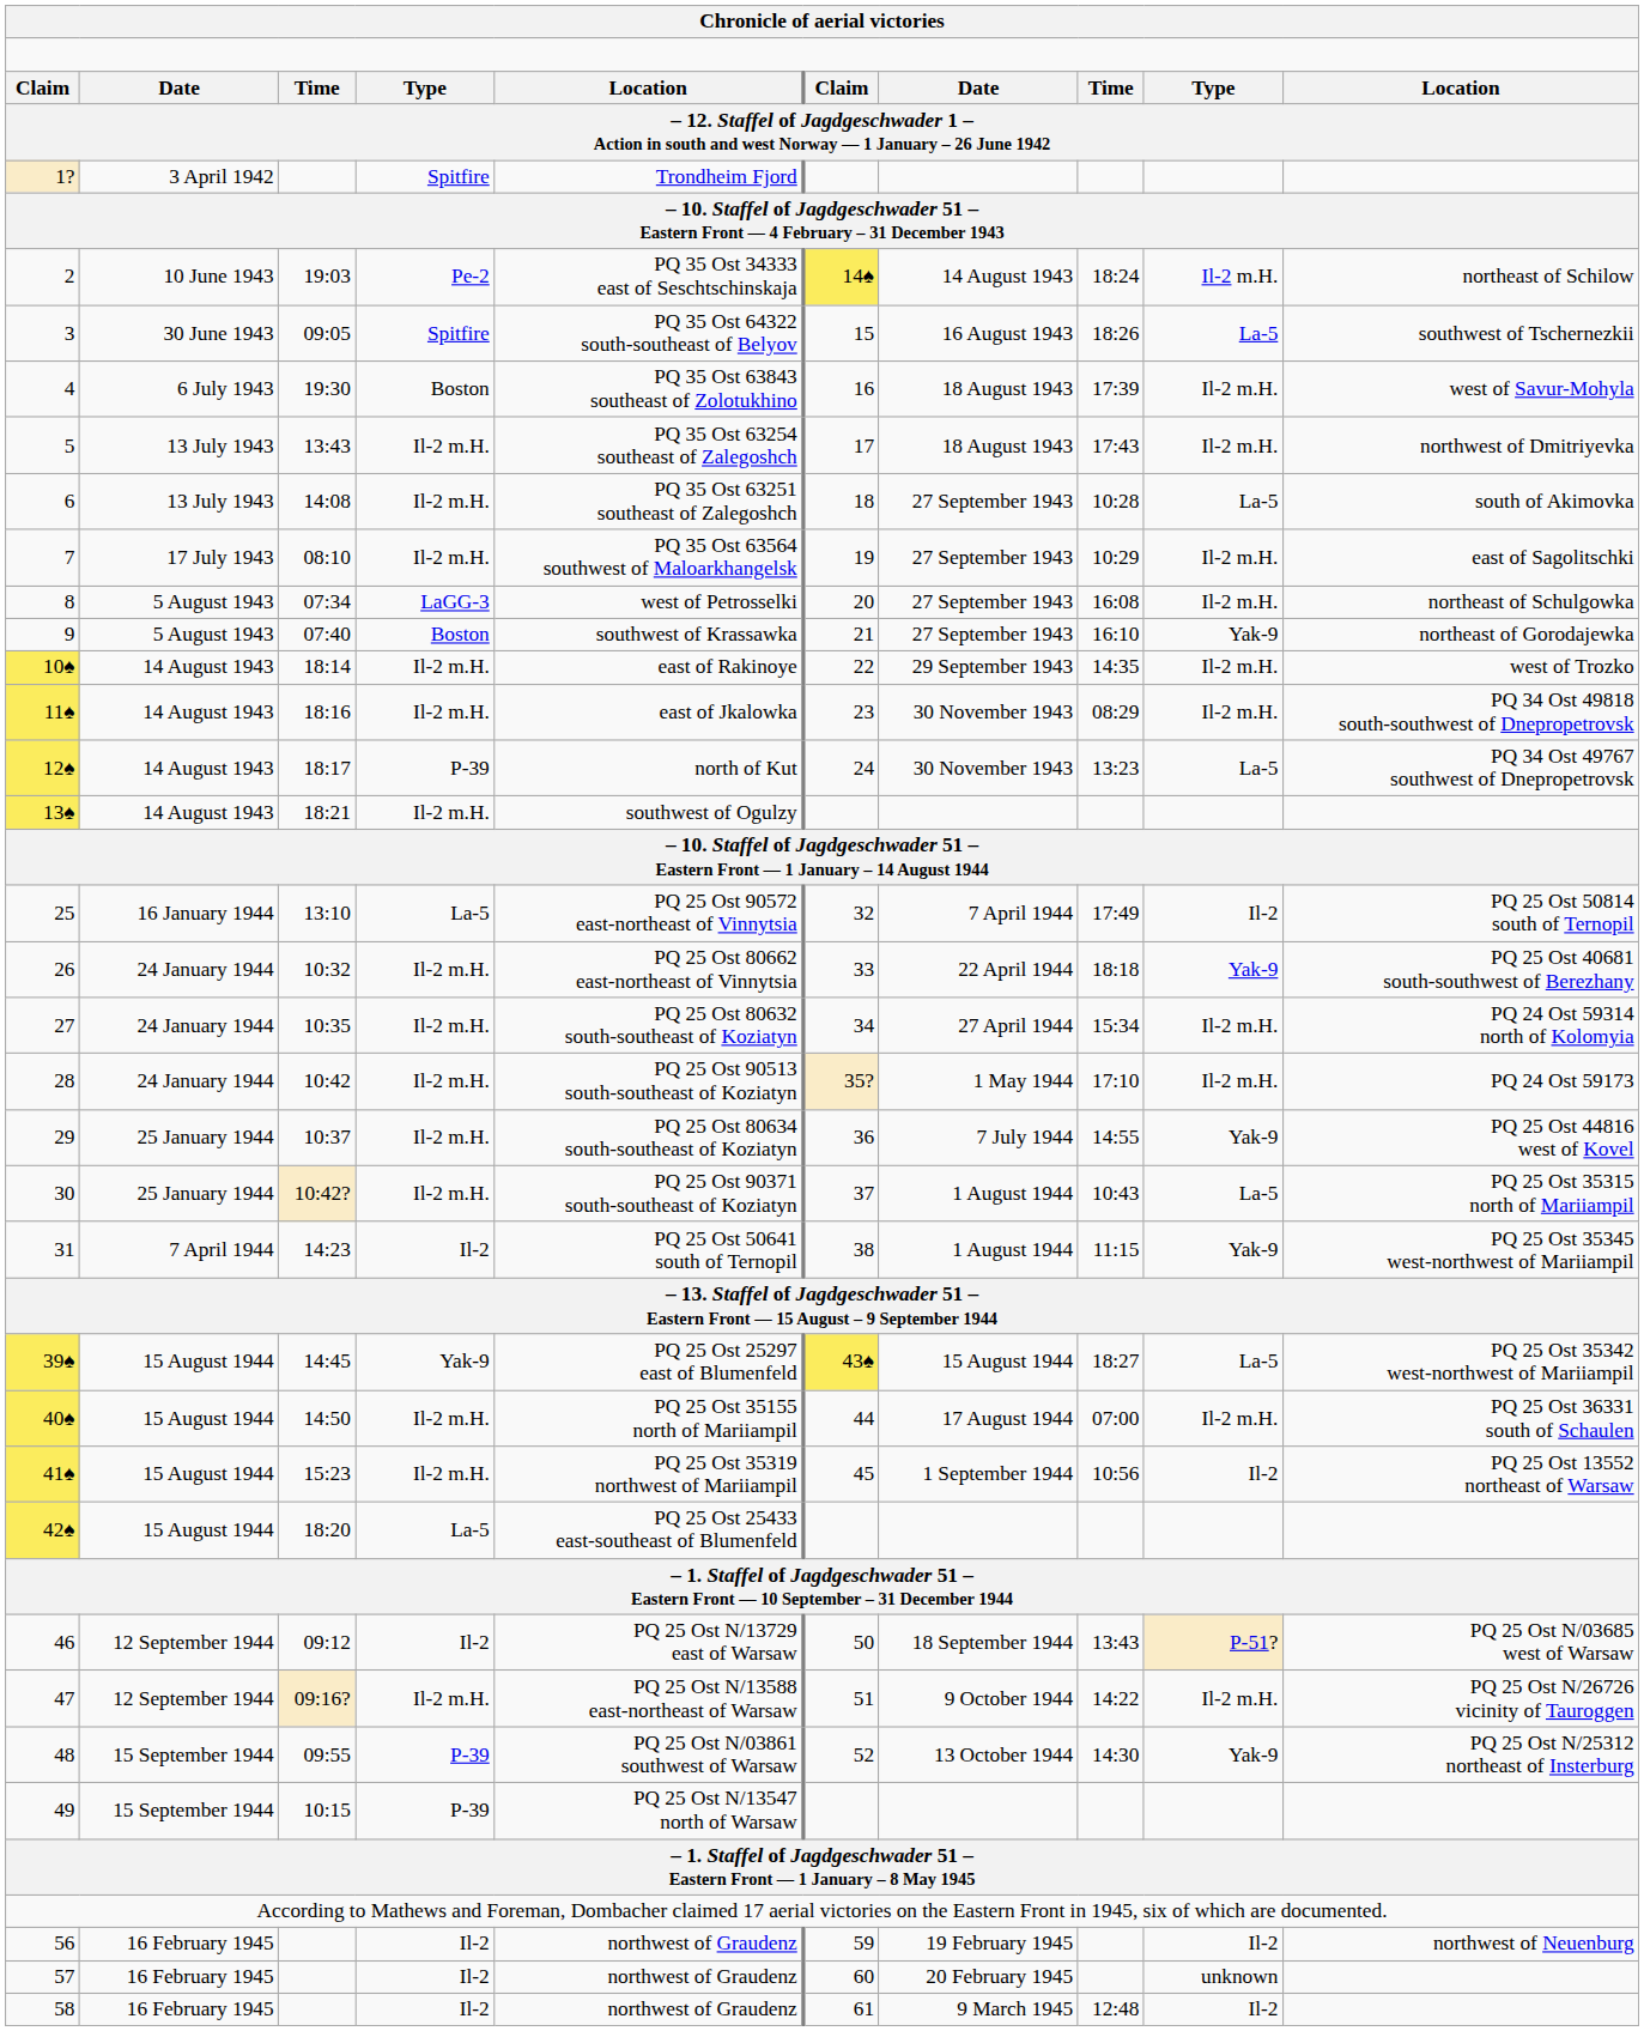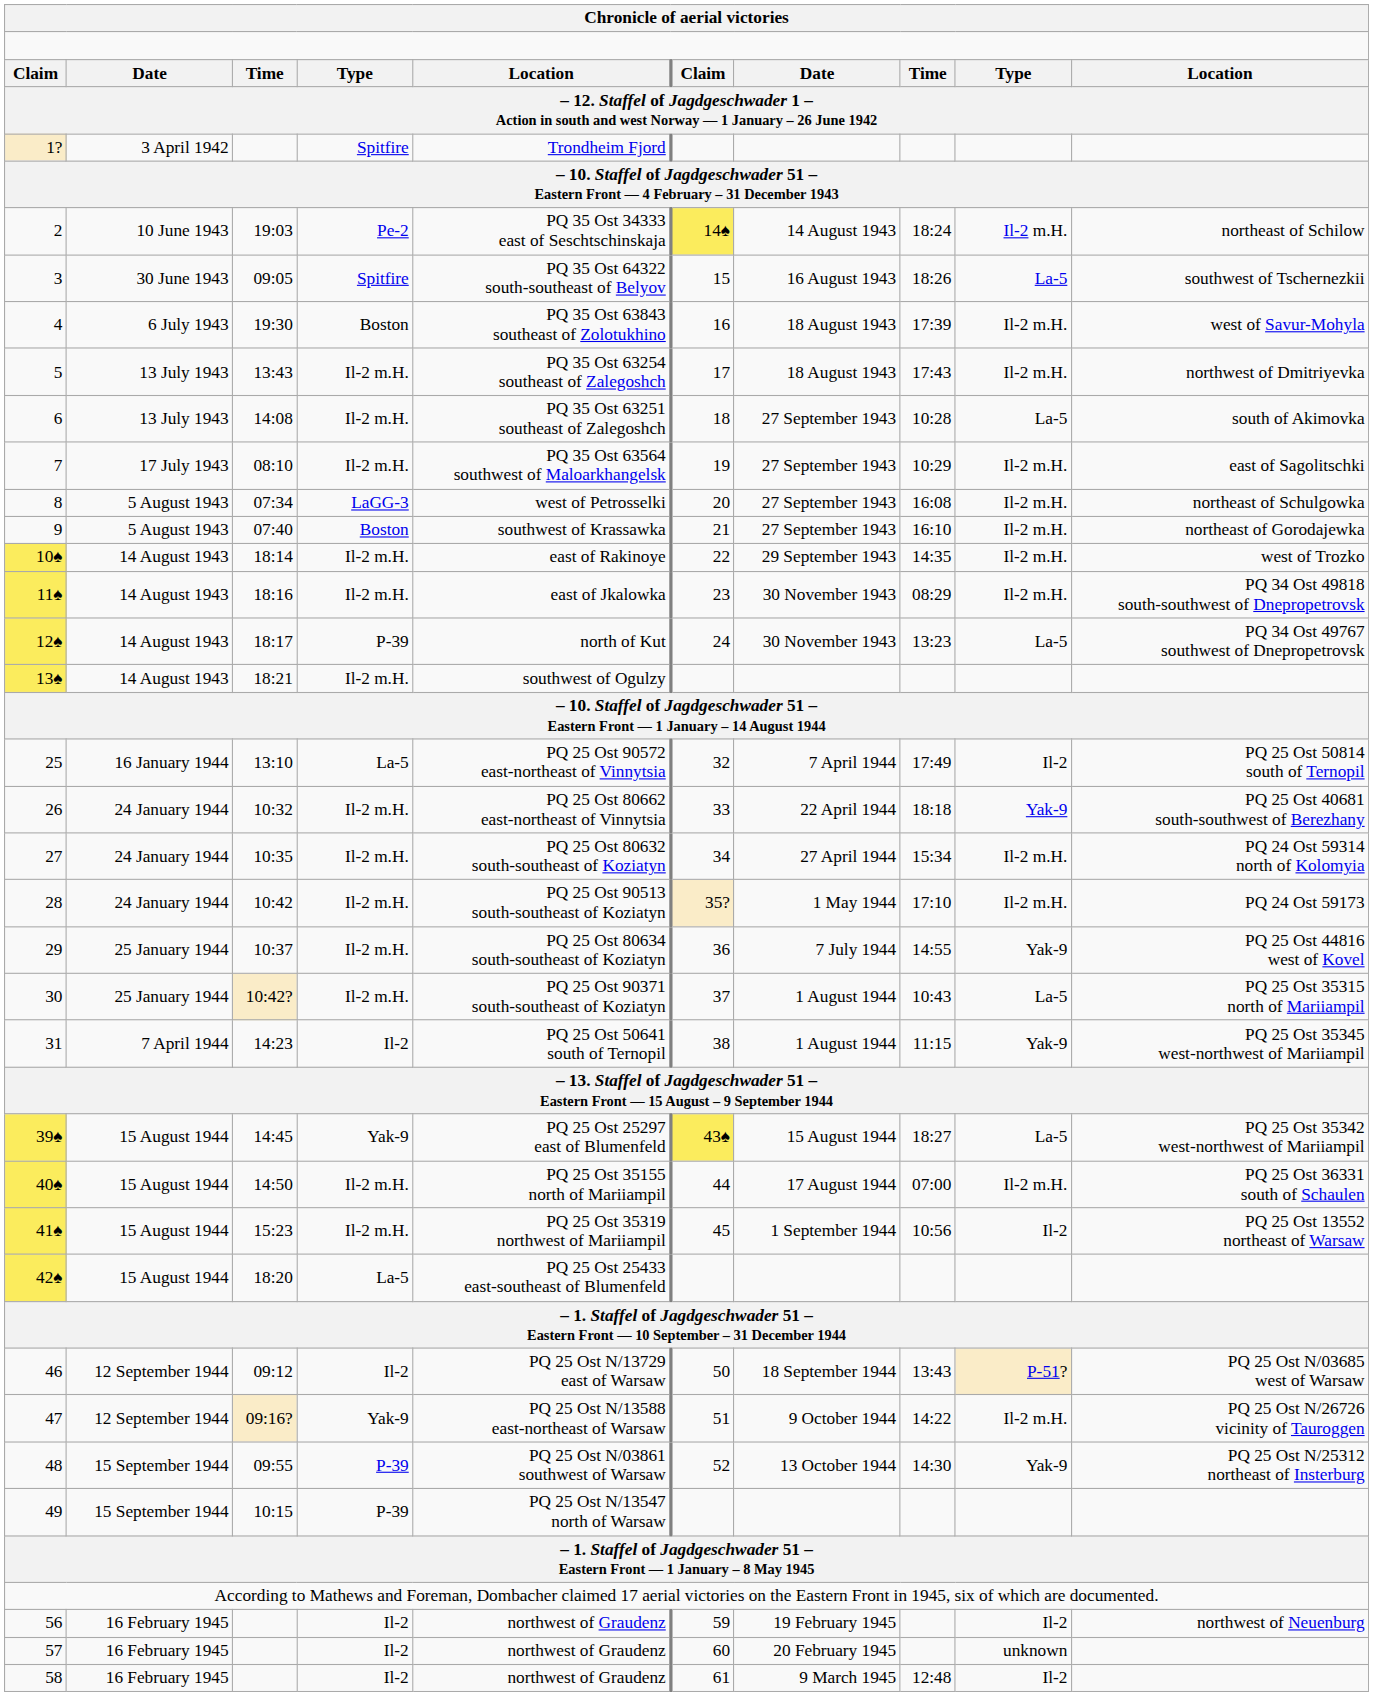 <table class="wikitable plainrowheaders collapsible" style="margin-left: auto; margin-right: auto; border: none; text-align:right; width: 100%;">
 <tr>
 <th colspan="10">Chronicle of aerial victories</th>
 </tr>
 <tr>
 <td colspan="10" style="text-align: left;"><br> </td>
 </tr>
 <tr>
 <th scope="col">Claim</th>
 <th scope="col">Date</th>
 <th scope="col">Time</th>
 <th scope="col" width="100px">Type</th>
 <th scope="col">Location</th>
 <th scope="col" style="border-left: 3px solid grey;">Claim</th>
 <th scope="col">Date</th>
 <th scope="col">Time</th>
 <th scope="col" width="100px">Type</th>
 <th scope="col">Location</th>
 </tr>
 <tr>
 <th colspan="10">– 12. <em>Staffel</em> of <em>Jagdgeschwader</em> 1 –<br><small>Action in south and west Norway — 1 January – 26 June 1942</small></th>
 </tr>
 <tr>
 <td style="background:#faecc8">1?</td>
 <td>3 April 1942</td>
 <td></td>
 <td><a href='#'>Spitfire</a></td>
 <td><a href='#'>Trondheim Fjord</a></td>
 <td style="border-left: 3px solid grey;"></td>
 <td></td>
 <td></td>
 <td></td>
 <td></td>
 </tr>
 <tr>
 <th colspan="10">– 10. <em>Staffel</em> of <em>Jagdgeschwader</em> 51 –<br><small>Eastern Front — 4 February – 31 December 1943</small></th>
 </tr>
 <tr>
 <td>2</td>
 <td>10 June 1943</td>
 <td>19:03</td>
 <td><a href='#'>Pe-2</a></td>
 <td>PQ 35 Ost 34333<br> east of Seschtschinskaja</td>
 <td style="border-left: 3px solid grey; background:#fbec5d;">14♠</td>
 <td>14 August 1943</td>
 <td>18:24</td>
 <td><a href='#'>Il-2</a> m.H.</td>
 <td>northeast of Schilow</td>
 </tr>
 <tr>
 <td>3</td>
 <td>30 June 1943</td>
 <td>09:05</td>
 <td><a href='#'>Spitfire</a></td>
 <td>PQ 35 Ost 64322<br> south-southeast of <a href='#'>Belyov</a></td>
 <td style="border-left: 3px solid grey;">15</td>
 <td>16 August 1943</td>
 <td>18:26</td>
 <td><a href='#'>La-5</a></td>
 <td>southwest of Tschernezkii</td>
 </tr>
 <tr>
 <td>4</td>
 <td>6 July 1943</td>
 <td>19:30</td>
 <td>Boston</td>
 <td>PQ 35 Ost 63843<br> southeast of <a href='#'>Zolotukhino</a></td>
 <td style="border-left: 3px solid grey;">16</td>
 <td>18 August 1943</td>
 <td>17:39</td>
 <td>Il-2 m.H.</td>
 <td>west of <a href='#'>Savur-Mohyla</a></td>
 </tr>
 <tr>
 <td>5</td>
 <td>13 July 1943</td>
 <td>13:43</td>
 <td>Il-2 m.H.</td>
 <td>PQ 35 Ost 63254<br> southeast of <a href='#'>Zalegoshch</a></td>
 <td style="border-left: 3px solid grey;">17</td>
 <td>18 August 1943</td>
 <td>17:43</td>
 <td>Il-2 m.H.</td>
 <td>northwest of Dmitriyevka</td>
 </tr>
 <tr>
 <td>6</td>
 <td>13 July 1943</td>
 <td>14:08</td>
 <td>Il-2 m.H.</td>
 <td>PQ 35 Ost 63251<br> southeast of Zalegoshch</td>
 <td style="border-left: 3px solid grey;">18</td>
 <td>27 September 1943</td>
 <td>10:28</td>
 <td>La-5</td>
 <td>south of Akimovka</td>
 </tr>
 <tr>
 <td>7</td>
 <td>17 July 1943</td>
 <td>08:10</td>
 <td>Il-2 m.H.</td>
 <td>PQ 35 Ost 63564<br> southwest of <a href='#'>Maloarkhangelsk</a></td>
 <td style="border-left: 3px solid grey;">19</td>
 <td>27 September 1943</td>
 <td>10:29</td>
 <td>Il-2 m.H.</td>
 <td>east of Sagolitschki</td>
 </tr>
 <tr>
 <td>8</td>
 <td>5 August 1943</td>
 <td>07:34</td>
 <td><a href='#'>LaGG-3</a></td>
 <td>west of Petrosselki</td>
 <td style="border-left: 3px solid grey;">20</td>
 <td>27 September 1943</td>
 <td>16:08</td>
 <td>Il-2 m.H.</td>
 <td>northeast of Schulgowka</td>
 </tr>
 <tr>
 <td>9</td>
 <td>5 August 1943</td>
 <td>07:40</td>
 <td><a href='#'>Boston</a></td>
 <td>southwest of Krassawka</td>
 <td style="border-left: 3px solid grey;">21</td>
 <td>27 September 1943</td>
 <td>16:10</td>
-<td>Yak-9</td>
+<td>Il-2 m.H.</td>
 <td>northeast of Gorodajewka</td>
 </tr>
 <tr>
 <td style="background:#fbec5d;">10♠</td>
 <td>14 August 1943</td>
 <td>18:14</td>
 <td>Il-2 m.H.</td>
 <td>east of Rakinoye</td>
 <td style="border-left: 3px solid grey;">22</td>
 <td>29 September 1943</td>
 <td>14:35</td>
 <td>Il-2 m.H.</td>
 <td>west of Trozko</td>
 </tr>
 <tr>
 <td style="background:#fbec5d;">11♠</td>
 <td>14 August 1943</td>
 <td>18:16</td>
 <td>Il-2 m.H.</td>
 <td>east of Jkalowka</td>
 <td style="border-left: 3px solid grey;">23</td>
 <td>30 November 1943</td>
 <td>08:29</td>
 <td>Il-2 m.H.</td>
 <td>PQ 34 Ost 49818<br> south-southwest of <a href='#'>Dnepropetrovsk</a></td>
 </tr>
 <tr>
 <td style="background:#fbec5d;">12♠</td>
 <td>14 August 1943</td>
 <td>18:17</td>
 <td>P-39</td>
 <td>north of Kut</td>
 <td style="border-left: 3px solid grey;">24</td>
 <td>30 November 1943</td>
 <td>13:23</td>
 <td>La-5</td>
 <td>PQ 34 Ost 49767<br> southwest of Dnepropetrovsk</td>
 </tr>
 <tr>
 <td style="background:#fbec5d;">13♠</td>
 <td>14 August 1943</td>
 <td>18:21</td>
 <td>Il-2 m.H.</td>
 <td>southwest of Ogulzy</td>
 <td style="border-left: 3px solid grey;"></td>
 <td></td>
 <td></td>
 <td></td>
 <td></td>
 </tr>
 <tr>
 <th colspan="10">– 10. <em>Staffel</em> of <em>Jagdgeschwader</em> 51 –<br><small>Eastern Front — 1 January – 14 August 1944</small></th>
 </tr>
 <tr>
 <td>25</td>
 <td>16 January 1944</td>
 <td>13:10</td>
 <td>La-5</td>
 <td>PQ 25 Ost 90572<br> east-northeast of <a href='#'>Vinnytsia</a></td>
 <td style="border-left: 3px solid grey;">32</td>
 <td>7 April 1944</td>
 <td>17:49</td>
 <td>Il-2</td>
 <td>PQ 25 Ost 50814<br> south of <a href='#'>Ternopil</a></td>
 </tr>
 <tr>
 <td>26</td>
 <td>24 January 1944</td>
 <td>10:32</td>
 <td>Il-2 m.H.</td>
 <td>PQ 25 Ost 80662<br> east-northeast of Vinnytsia</td>
 <td style="border-left: 3px solid grey;">33</td>
 <td>22 April 1944</td>
 <td>18:18</td>
 <td><a href='#'>Yak-9</a></td>
 <td>PQ 25 Ost 40681<br> south-southwest of <a href='#'>Berezhany</a></td>
 </tr>
 <tr>
 <td>27</td>
 <td>24 January 1944</td>
 <td>10:35</td>
 <td>Il-2 m.H.</td>
 <td>PQ 25 Ost 80632<br> south-southeast of <a href='#'>Koziatyn</a></td>
 <td style="border-left: 3px solid grey;">34</td>
 <td>27 April 1944</td>
 <td>15:34</td>
 <td>Il-2 m.H.</td>
 <td>PQ 24 Ost 59314<br> north of <a href='#'>Kolomyia</a></td>
 </tr>
 <tr>
 <td>28</td>
 <td>24 January 1944</td>
 <td>10:42</td>
 <td>Il-2 m.H.</td>
 <td>PQ 25 Ost 90513<br> south-southeast of Koziatyn</td>
 <td style="border-left: 3px solid grey; background:#faecc8">35?</td>
 <td>1 May 1944</td>
 <td>17:10</td>
 <td>Il-2 m.H.</td>
 <td>PQ 24 Ost 59173</td>
 </tr>
 <tr>
 <td>29</td>
 <td>25 January 1944</td>
 <td>10:37</td>
 <td>Il-2 m.H.</td>
 <td>PQ 25 Ost 80634<br> south-southeast of Koziatyn</td>
 <td style="border-left: 3px solid grey;">36</td>
 <td>7 July 1944</td>
 <td>14:55</td>
 <td>Yak-9</td>
 <td>PQ 25 Ost 44816<br> west of <a href='#'>Kovel</a></td>
 </tr>
 <tr>
 <td>30</td>
 <td>25 January 1944</td>
 <td style="background:#faecc8">10:42?</td>
 <td>Il-2 m.H.</td>
 <td>PQ 25 Ost 90371<br> south-southeast of Koziatyn</td>
 <td style="border-left: 3px solid grey;">37</td>
 <td>1 August 1944</td>
 <td>10:43</td>
 <td>La-5</td>
 <td>PQ 25 Ost 35315<br> north of <a href='#'>Mariiampil</a></td>
 </tr>
 <tr>
 <td>31</td>
 <td>7 April 1944</td>
 <td>14:23</td>
 <td>Il-2</td>
 <td>PQ 25 Ost 50641<br> south of Ternopil</td>
 <td style="border-left: 3px solid grey;">38</td>
 <td>1 August 1944</td>
 <td>11:15</td>
 <td>Yak-9</td>
 <td>PQ 25 Ost 35345<br> west-northwest of Mariiampil</td>
 </tr>
 <tr>
 <th colspan="10">– 13. <em>Staffel</em> of <em>Jagdgeschwader</em> 51 –<br><small>Eastern Front — 15 August – 9 September 1944</small></th>
 </tr>
 <tr>
 <td style="background:#fbec5d;">39♠</td>
 <td>15 August 1944</td>
 <td>14:45</td>
 <td>Yak-9</td>
 <td>PQ 25 Ost 25297<br> east of Blumenfeld</td>
 <td style="border-left: 3px solid grey; background:#fbec5d;">43♠</td>
 <td>15 August 1944</td>
 <td>18:27</td>
 <td>La-5</td>
 <td>PQ 25 Ost 35342<br> west-northwest of Mariiampil</td>
 </tr>
 <tr>
 <td style="background:#fbec5d;">40♠</td>
 <td>15 August 1944</td>
 <td>14:50</td>
 <td>Il-2 m.H.</td>
 <td>PQ 25 Ost 35155<br> north of Mariiampil</td>
 <td style="border-left: 3px solid grey;">44</td>
 <td>17 August 1944</td>
 <td>07:00</td>
 <td>Il-2 m.H.</td>
 <td>PQ 25 Ost 36331<br> south of <a href='#'>Schaulen</a></td>
 </tr>
 <tr>
 <td style="background:#fbec5d;">41♠</td>
 <td>15 August 1944</td>
 <td>15:23</td>
 <td>Il-2 m.H.</td>
 <td>PQ 25 Ost 35319<br> northwest of Mariiampil</td>
 <td style="border-left: 3px solid grey;">45</td>
 <td>1 September 1944</td>
 <td>10:56</td>
 <td>Il-2</td>
 <td>PQ 25 Ost 13552<br> northeast of <a href='#'>Warsaw</a></td>
 </tr>
 <tr>
 <td style="background:#fbec5d;">42♠</td>
 <td>15 August 1944</td>
 <td>18:20</td>
 <td>La-5</td>
 <td>PQ 25 Ost 25433<br> east-southeast of Blumenfeld</td>
 <td style="border-left: 3px solid grey;"></td>
 <td></td>
 <td></td>
 <td></td>
 <td></td>
 </tr>
 <tr>
 <th colspan="10">– 1. <em>Staffel</em> of <em>Jagdgeschwader</em> 51 –<br><small>Eastern Front — 10 September – 31 December 1944</small></th>
 </tr>
 <tr>
 <td>46</td>
 <td>12 September 1944</td>
 <td>09:12</td>
 <td>Il-2</td>
 <td>PQ 25 Ost N/13729<br> east of Warsaw</td>
 <td style="border-left: 3px solid grey;">50</td>
 <td>18 September 1944</td>
 <td>13:43</td>
 <td style="background:#faecc8"><a href='#'>P-51</a>?</td>
 <td>PQ 25 Ost N/03685<br> west of Warsaw</td>
 </tr>
 <tr>
 <td>47</td>
 <td>12 September 1944</td>
 <td style="background:#faecc8">09:16?</td>
-<td>Il-2 m.H.</td>
+<td>Yak-9</td>
 <td>PQ 25 Ost N/13588<br> east-northeast of Warsaw</td>
 <td style="border-left: 3px solid grey;">51</td>
 <td>9 October 1944</td>
 <td>14:22</td>
 <td>Il-2 m.H.</td>
 <td>PQ 25 Ost N/26726<br>vicinity of <a href='#'>Tauroggen</a></td>
 </tr>
 <tr>
 <td>48</td>
 <td>15 September 1944</td>
 <td>09:55</td>
 <td><a href='#'>P-39</a></td>
 <td>PQ 25 Ost N/03861<br> southwest of Warsaw</td>
 <td style="border-left: 3px solid grey;">52</td>
 <td>13 October 1944</td>
 <td>14:30</td>
 <td>Yak-9</td>
 <td>PQ 25 Ost N/25312<br> northeast of <a href='#'>Insterburg</a></td>
 </tr>
 <tr>
 <td>49</td>
 <td>15 September 1944</td>
 <td>10:15</td>
 <td>P-39</td>
 <td>PQ 25 Ost N/13547<br> north of Warsaw</td>
 <td style="border-left: 3px solid grey;"></td>
 <td></td>
 <td></td>
 <td></td>
 <td></td>
 </tr>
 <tr>
 <th colspan="10">– 1. <em>Staffel</em> of <em>Jagdgeschwader</em> 51 –<br><small>Eastern Front — 1 January – 8 May 1945</small></th>
 </tr>
 <tr>
 <td colspan="10" style="text-align: center">According to Mathews and Foreman, Dombacher claimed 17 aerial victories on the Eastern Front in 1945, six of which are documented.</td>
 </tr>
 <tr>
 <td>56</td>
 <td>16 February 1945</td>
 <td></td>
 <td>Il-2</td>
 <td>northwest of <a href='#'>Graudenz</a></td>
 <td style="border-left: 3px solid grey;">59</td>
 <td>19 February 1945</td>
 <td></td>
 <td>Il-2</td>
 <td>northwest of <a href='#'>Neuenburg</a></td>
 </tr>
 <tr>
 <td>57</td>
 <td>16 February 1945</td>
 <td></td>
 <td>Il-2</td>
 <td>northwest of Graudenz</td>
 <td style="border-left: 3px solid grey;">60</td>
 <td>20 February 1945</td>
 <td></td>
 <td>unknown</td>
 <td></td>
 </tr>
 <tr>
 <td>58</td>
 <td>16 February 1945</td>
 <td></td>
 <td>Il-2</td>
 <td>northwest of Graudenz</td>
 <td style="border-left: 3px solid grey;">61</td>
 <td>9 March 1945</td>
 <td>12:48</td>
 <td>Il-2</td>
 <td></td>
 </tr>
 </table>
